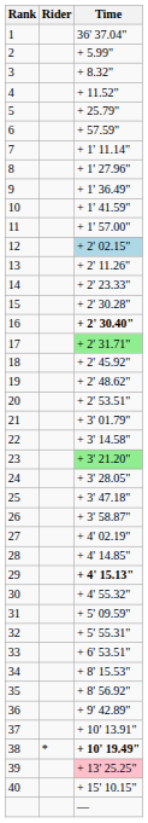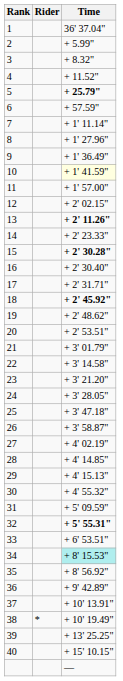 <table class="wikitable">
 <tr>
 <th>Rank</th>
 <th>Rider</th>
 <th>Time</th>
 </tr>
 <tr>
 <td>1</td>
 <td></td>
 <td>36' 37.04"</td>
 </tr>
 <tr>
 <td>2</td>
 <td></td>
 <td>+ 5.99"</td>
 </tr>
 <tr>
 <td>3</td>
 <td></td>
 <td>+ 8.32"</td>
 </tr>
 <tr>
 <td>4</td>
 <td></td>
 <td>+ 11.52"</td>
 </tr>
 <tr>
 <td>5</td>
 <td></td>
-<td>+ 25.79"</td>
+<td><strong>+ 25.79"</strong></td>
 </tr>
 <tr>
 <td>6</td>
 <td></td>
 <td>+ 57.59"</td>
 </tr>
 <tr>
 <td>7</td>
 <td></td>
 <td>+ 1' 11.14"</td>
 </tr>
 <tr>
 <td>8</td>
 <td></td>
 <td>+ 1' 27.96"</td>
 </tr>
 <tr>
 <td>9</td>
 <td></td>
 <td>+ 1' 36.49"</td>
 </tr>
 <tr>
 <td>10</td>
 <td></td>
-<td>+ 1' 41.59"</td>
+<td style="background: lightyellow;">+ 1' 41.59"</td>
 </tr>
 <tr>
 <td>11</td>
 <td></td>
 <td>+ 1' 57.00"</td>
 </tr>
 <tr>
 <td>12</td>
 <td></td>
-<td style="background: lightblue;">+ 2' 02.15"</td>
+<td>+ 2' 02.15"</td>
 </tr>
 <tr>
 <td>13</td>
 <td></td>
-<td>+ 2' 11.26"</td>
+<td><strong>+ 2' 11.26"</strong></td>
 </tr>
 <tr>
 <td>14</td>
 <td></td>
 <td>+ 2' 23.33"</td>
 </tr>
 <tr>
 <td>15</td>
 <td></td>
-<td>+ 2' 30.28"</td>
+<td><strong>+ 2' 30.28"</strong></td>
 </tr>
 <tr>
 <td>16</td>
 <td></td>
-<td><strong>+ 2' 30.40"</strong></td>
+<td>+ 2' 30.40"</td>
 </tr>
 <tr>
 <td>17</td>
 <td></td>
-<td style="background: lightgreen;">+ 2' 31.71"</td>
+<td>+ 2' 31.71"</td>
 </tr>
 <tr>
 <td>18</td>
 <td></td>
-<td>+ 2' 45.92"</td>
+<td><strong>+ 2' 45.92"</strong></td>
 </tr>
 <tr>
 <td>19</td>
 <td></td>
 <td>+ 2' 48.62"</td>
 </tr>
 <tr>
 <td>20</td>
 <td></td>
 <td>+ 2' 53.51"</td>
 </tr>
 <tr>
 <td>21</td>
 <td></td>
 <td>+ 3' 01.79"</td>
 </tr>
 <tr>
 <td>22</td>
 <td></td>
 <td>+ 3' 14.58"</td>
 </tr>
 <tr>
 <td>23</td>
 <td></td>
-<td style="background: lightgreen;">+ 3' 21.20"</td>
+<td>+ 3' 21.20"</td>
 </tr>
 <tr>
 <td>24</td>
 <td></td>
 <td>+ 3' 28.05"</td>
 </tr>
 <tr>
 <td>25</td>
 <td></td>
 <td>+ 3' 47.18"</td>
 </tr>
 <tr>
 <td>26</td>
 <td></td>
 <td>+ 3' 58.87"</td>
 </tr>
 <tr>
 <td>27</td>
 <td></td>
 <td>+ 4' 02.19"</td>
 </tr>
 <tr>
 <td>28</td>
 <td></td>
 <td>+ 4' 14.85"</td>
 </tr>
 <tr>
 <td>29</td>
 <td></td>
-<td><strong>+ 4' 15.13"</strong></td>
+<td>+ 4' 15.13"</td>
 </tr>
 <tr>
 <td>30</td>
 <td></td>
 <td>+ 4' 55.32"</td>
 </tr>
 <tr>
 <td>31</td>
 <td></td>
 <td>+ 5' 09.59"</td>
 </tr>
 <tr>
 <td>32</td>
 <td></td>
-<td>+ 5' 55.31"</td>
+<td><strong>+ 5' 55.31"</strong></td>
 </tr>
 <tr>
 <td>33</td>
 <td></td>
 <td>+ 6' 53.51"</td>
 </tr>
 <tr>
 <td>34</td>
 <td></td>
-<td>+ 8' 15.53"</td>
+<td style="background: paleturquoise;">+ 8' 15.53"</td>
 </tr>
 <tr>
 <td>35</td>
 <td></td>
 <td>+ 8' 56.92"</td>
 </tr>
 <tr>
 <td>36</td>
 <td></td>
 <td>+ 9' 42.89"</td>
 </tr>
 <tr>
 <td>37</td>
 <td></td>
 <td>+ 10' 13.91"</td>
 </tr>
 <tr>
 <td>38</td>
 <td>*</td>
-<td><strong>+ 10' 19.49"</strong></td>
+<td>+ 10' 19.49"</td>
 </tr>
 <tr>
 <td>39</td>
 <td></td>
-<td style="background: pink;">+ 13' 25.25"</td>
+<td>+ 13' 25.25"</td>
 </tr>
 <tr>
 <td>40</td>
 <td></td>
 <td>+ 15' 10.15"</td>
 </tr>
 <tr>
 <td></td>
 <td></td>
 <td>—</td>
 </tr>
 </table>
